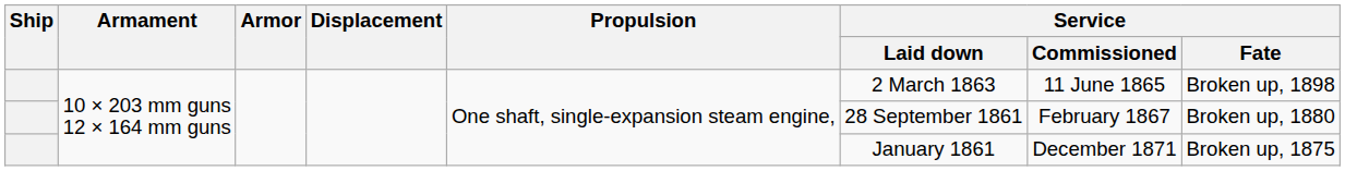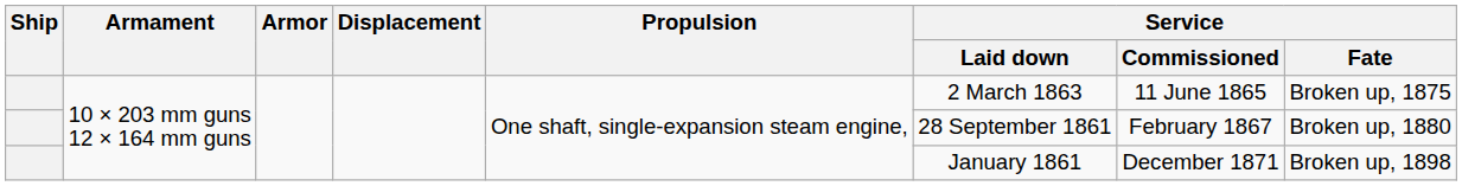 <table class="wikitable plainrowheaders" style="text-align: center;">
 <tr valign="top">
 <th scope="col" rowspan="2">Ship</th>
 <th scope="col" rowspan="2">Armament</th>
 <th scope="col" rowspan="2">Armor</th>
 <th scope="col" rowspan="2">Displacement</th>
 <th scope="col" rowspan="2">Propulsion</th>
 <th scope="col" colspan="3">Service</th>
 </tr>
 <tr valign="top">
 <th scope="col">Laid down</th>
 <th scope="col">Commissioned</th>
 <th scope="col">Fate</th>
 </tr>
 <tr valign="center">
 <th scope="row"></th>
 <td rowspan="3">10 × 203 mm guns<br>12 × 164 mm guns</td>
 <td rowspan="3"></td>
 <td rowspan="3"></td>
 <td rowspan="3">One shaft, single-expansion steam engine, </td>
 <td>2 March 1863</td>
 <td>11 June 1865</td>
-<td>Broken up, 1898</td>
+<td>Broken up, 1875</td>
 </tr>
 <tr valign="center">
 <th scope="row"></th>
 <td>28 September 1861</td>
 <td>February 1867</td>
 <td>Broken up, 1880</td>
 </tr>
 <tr valign="center">
 <th scope="row"></th>
 <td>January 1861</td>
 <td>December 1871</td>
-<td>Broken up, 1875</td>
+<td>Broken up, 1898</td>
 </tr>
 </table>
